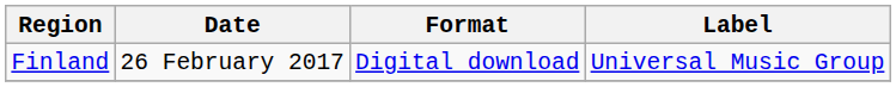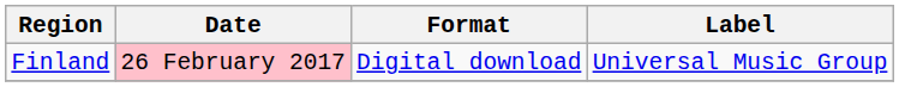 <table class=wikitable>
 <tr>
 <th>Region</th>
 <th>Date</th>
 <th>Format</th>
 <th>Label</th>
 </tr>
 <tr>
 <td><a href='#'>Finland</a></td>
-<td>26 February 2017</td>
+<td style="background: pink;">26 February 2017</td>
 <td><a href='#'>Digital download</a></td>
 <td><a href='#'>Universal Music Group</a></td>
 </tr>
 <tr>
 </tr>
 </table>
